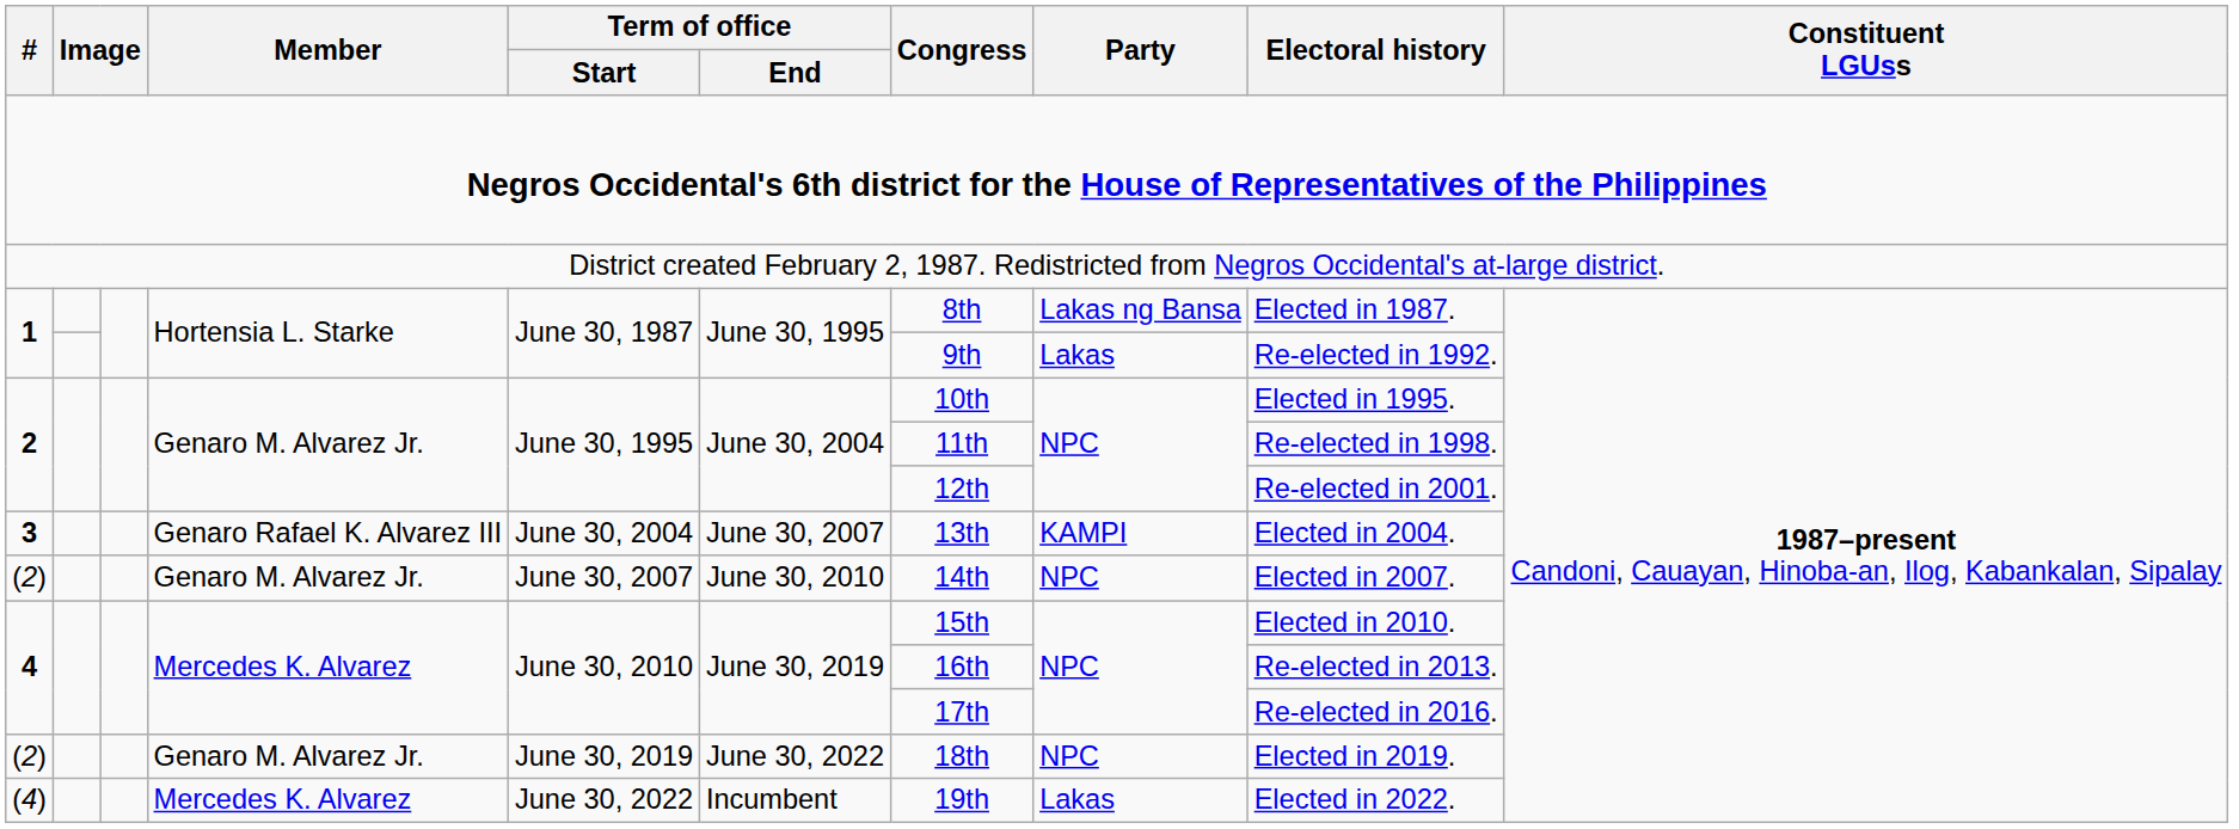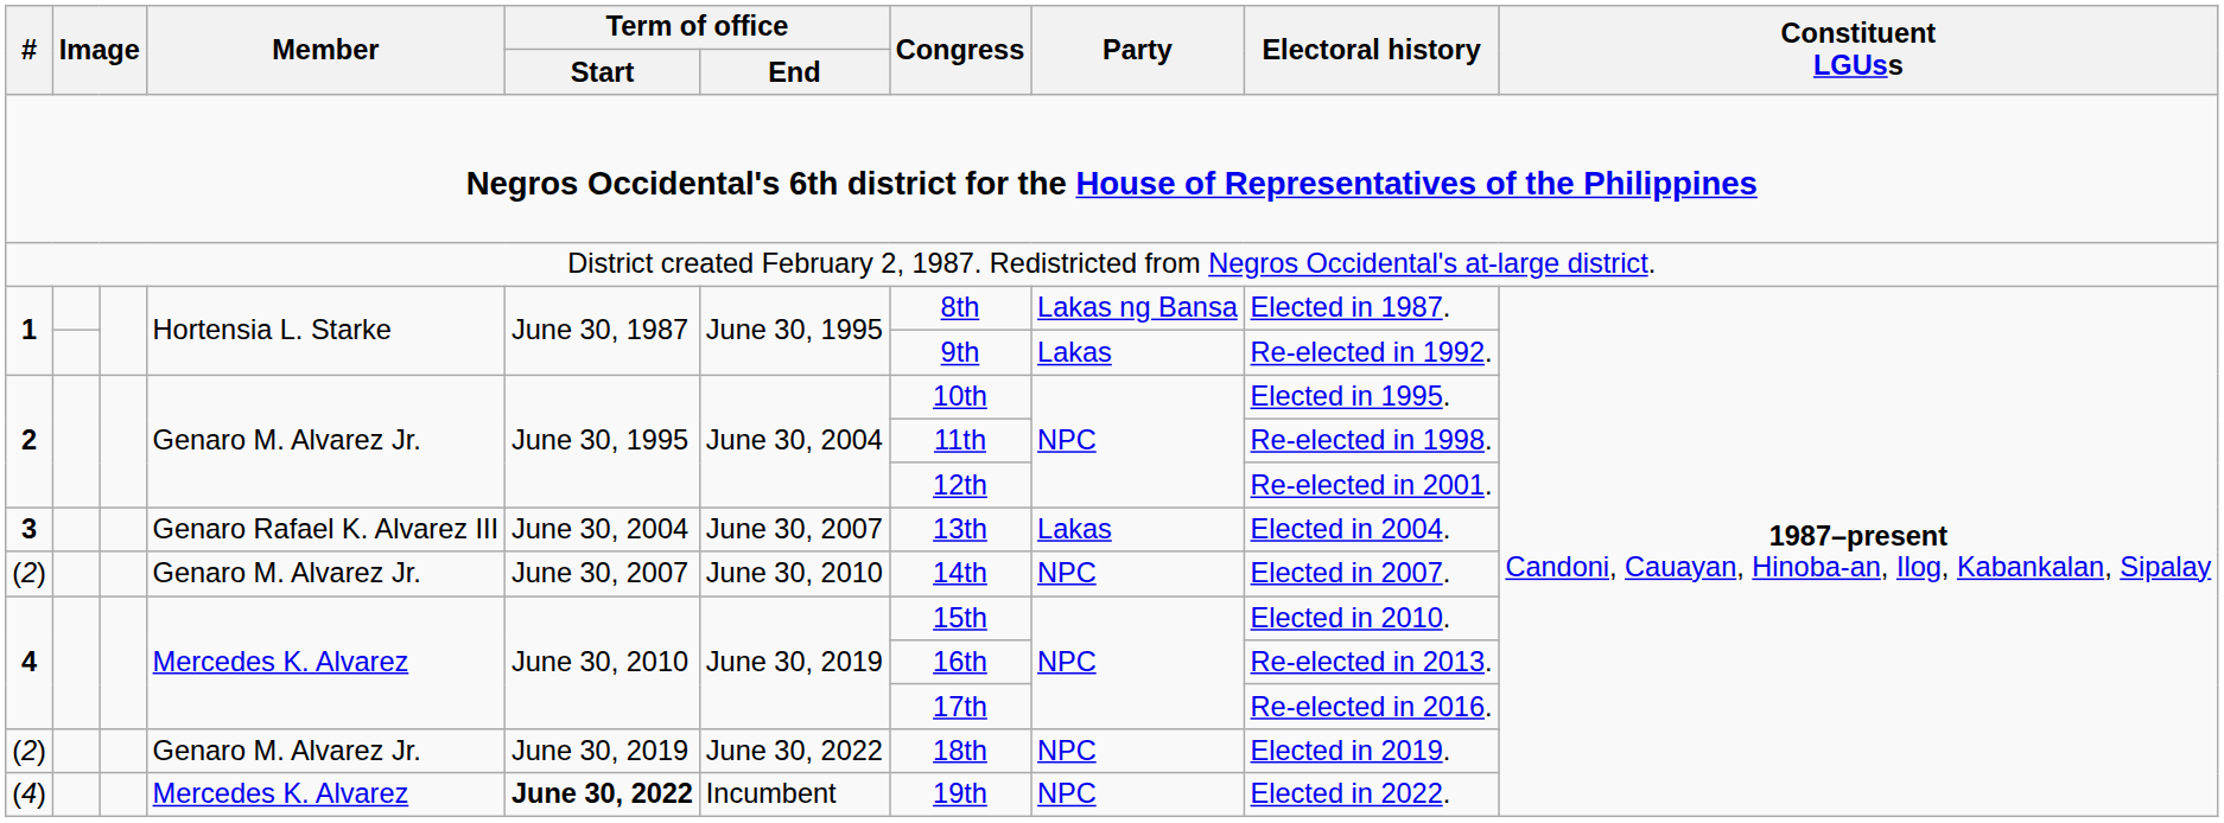 <table class=wikitable>
 <tr>
 <th rowspan="2">#</th>
 <th rowspan="2" colspan=2>Image</th>
 <th rowspan="2">Member</th>
 <th colspan=2>Term of office</th>
 <th rowspan="2">Congress</th>
 <th rowspan="2">Party</th>
 <th rowspan="2">Electoral history</th>
 <th rowspan="2">Constituent<br><a href='#'>LGUs</a>s</th>
 </tr>
 <tr>
 <th>Start</th>
 <th>End</th>
 </tr>
 <tr>
 <td colspan="10" style="text-align:center;"><br><h3>Negros Occidental's 6th district for the <a href='#'>House of Representatives of the Philippines</a></h3></td>
 </tr>
 <tr>
 <td colspan="10" style="text-align:center;">District created February 2, 1987. Redistricted from <a href='#'>Negros Occidental's at-large district</a>.</td>
 </tr>
 <tr>
 <td rowspan="2" style="text-align:center;"><strong>1</strong></td>
 <td style="color:inherit;background:"></td>
 <td rowspan="2"></td>
 <td rowspan="2">Hortensia L. Starke</td>
 <td rowspan="2">June 30, 1987</td>
 <td rowspan="2">June 30, 1995</td>
 <td style="text-align:center;"><a href='#'>8th</a></td>
 <td><a href='#'>Lakas ng Bansa</a></td>
 <td><a href='#'>Elected in 1987</a>.</td>
 <td rowspan=99 style="text-align:center;"><strong>1987–present</strong><br><a href='#'>Candoni</a>, <a href='#'>Cauayan</a>, <a href='#'>Hinoba-an</a>, <a href='#'>Ilog</a>, <a href='#'>Kabankalan</a>, <a href='#'>Sipalay</a></td>
 </tr>
 <tr>
 <td style="color:inherit;background:"></td>
 <td style="text-align:center;"><a href='#'>9th</a></td>
 <td><a href='#'>Lakas</a></td>
 <td><a href='#'>Re-elected in 1992</a>.</td>
 </tr>
 <tr>
 <td rowspan="3" style="text-align:center;"><strong>2</strong></td>
 <td rowspan="3" style="color:inherit;background:"></td>
 <td rowspan="3"></td>
 <td rowspan="3">Genaro M. Alvarez Jr.</td>
 <td rowspan="3">June 30, 1995</td>
 <td rowspan="3">June 30, 2004</td>
 <td style="text-align:center;"><a href='#'>10th</a></td>
 <td rowspan="3"><a href='#'>NPC</a></td>
 <td><a href='#'>Elected in 1995</a>.</td>
 </tr>
 <tr>
 <td style="text-align:center;"><a href='#'>11th</a></td>
 <td><a href='#'>Re-elected in 1998</a>.</td>
 </tr>
 <tr>
 <td style="text-align:center;"><a href='#'>12th</a></td>
 <td><a href='#'>Re-elected in 2001</a>.</td>
 </tr>
 <tr>
 <td style="text-align:center;"><strong>3</strong></td>
 <td style="color:inherit;background:"></td>
 <td></td>
 <td>Genaro Rafael K. Alvarez III</td>
 <td>June 30, 2004</td>
 <td>June 30, 2007</td>
 <td style="text-align:center;"><a href='#'>13th</a></td>
-<td><a href='#'>KAMPI</a></td>
+<td><a href='#'>Lakas</a></td>
 <td><a href='#'>Elected in 2004</a>.</td>
 </tr>
 <tr>
 <td style="text-align:center;">(<em>2</em>)</td>
 <td style="color:inherit;background:"></td>
 <td></td>
 <td>Genaro M. Alvarez Jr.</td>
 <td>June 30, 2007</td>
 <td>June 30, 2010</td>
 <td style="text-align:center;"><a href='#'>14th</a></td>
 <td><a href='#'>NPC</a></td>
 <td><a href='#'>Elected in 2007</a>.</td>
 </tr>
 <tr>
 <td rowspan="3" style="text-align:center;"><strong>4</strong></td>
 <td rowspan="3" style="color:inherit;background:"></td>
 <td rowspan="3"></td>
 <td rowspan="3"><a href='#'>Mercedes K. Alvarez</a></td>
 <td rowspan="3">June 30, 2010</td>
 <td rowspan="3">June 30, 2019</td>
 <td style="text-align:center;"><a href='#'>15th</a></td>
 <td rowspan="3"><a href='#'>NPC</a></td>
 <td><a href='#'>Elected in 2010</a>.</td>
 </tr>
 <tr>
 <td style="text-align:center;"><a href='#'>16th</a></td>
 <td><a href='#'>Re-elected in 2013</a>.</td>
 </tr>
 <tr>
 <td style="text-align:center;"><a href='#'>17th</a></td>
 <td><a href='#'>Re-elected in 2016</a>.</td>
 </tr>
 <tr>
 <td style="text-align:center;">(<em>2</em>)</td>
 <td style="color:inherit;background:"></td>
 <td></td>
 <td>Genaro M. Alvarez Jr.</td>
 <td>June 30, 2019</td>
 <td>June 30, 2022</td>
 <td style="text-align:center;"><a href='#'>18th</a></td>
 <td><a href='#'>NPC</a></td>
 <td><a href='#'>Elected in 2019</a>.</td>
 </tr>
 <tr>
 <td style="text-align:center;">(<em>4</em>)</td>
 <td style="color:inherit;background:"></td>
 <td></td>
 <td><a href='#'>Mercedes K. Alvarez</a></td>
-<td>June 30, 2022</td>
+<td><strong>June 30, 2022</strong></td>
 <td>Incumbent</td>
 <td style="text-align:center;"><a href='#'>19th</a></td>
-<td><a href='#'>Lakas</a></td>
+<td><a href='#'>NPC</a></td>
 <td><a href='#'>Elected in 2022</a>.</td>
 </tr>
 </table>
